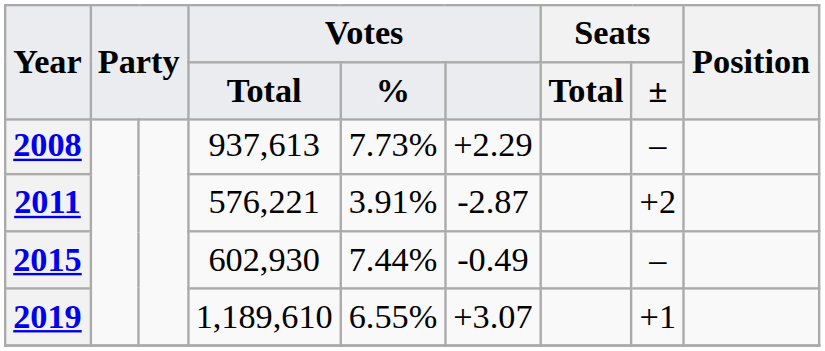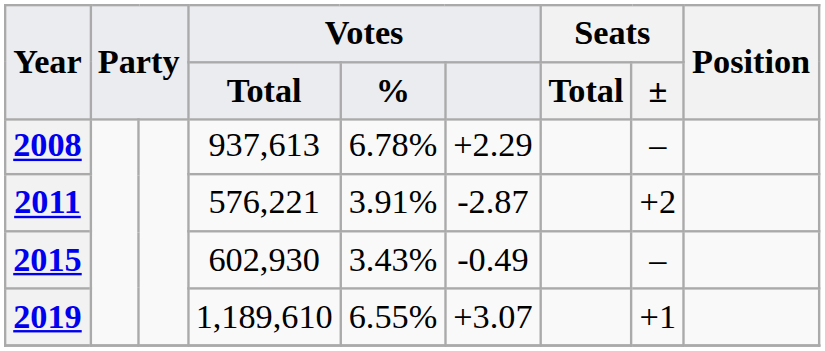 <table class="wikitable" style="font-size:90%; text-align:center;">
 <tr>
 <th rowspan="2" style="background:#eaecf0;">Year</th>
 <th colspan="2" rowspan="2" style="background:#eaecf0;">Party</th>
 <th colspan="3" style="background:#eaecf0;">Votes</th>
 <th colspan="2">Seats</th>
 <th rowspan="2">Position</th>
 </tr>
 <tr>
 <th style="background:#eaecf0;">Total</th>
 <th style="background:#eaecf0;">%</th>
 <th style="background:#eaecf0;"></th>
 <th>Total</th>
 <th>±</th>
 </tr>
 <tr>
 <th><a href='#'>2008</a></th>
 <td rowspan="4" style="background-color:"></td>
 <td rowspan="4"></td>
 <td>937,613</td>
-<td>7.73%</td>
+<td>6.78%</td>
 <td>+2.29</td>
 <td></td>
 <td>–</td>
 <td></td>
 </tr>
 <tr>
 <th><a href='#'>2011</a></th>
 <td>576,221</td>
 <td>3.91%</td>
 <td>-2.87</td>
 <td></td>
 <td>+2</td>
 <td></td>
 </tr>
 <tr>
 <th><a href='#'>2015</a></th>
 <td>602,930</td>
-<td>7.44%</td>
+<td>3.43%</td>
 <td>-0.49</td>
 <td></td>
 <td>–</td>
 <td></td>
 </tr>
 <tr>
 <th><a href='#'>2019</a></th>
 <td>1,189,610</td>
 <td>6.55%</td>
 <td>+3.07</td>
 <td></td>
 <td>+1</td>
 <td></td>
 </tr>
 <tr>
 </tr>
 </table>
